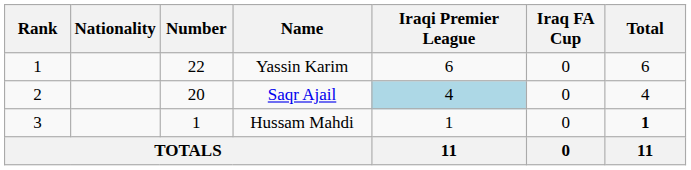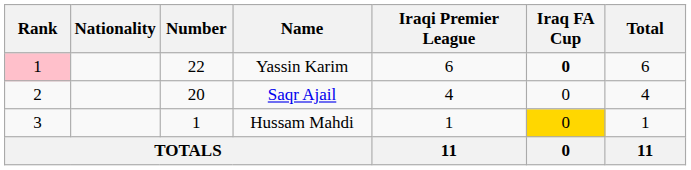 <table class="wikitable" style="font-size: 95%; text-align: center;">
 <tr>
 <th width=60>Rank</th>
 <th width=60>Nationality</th>
 <th width=60>Number</th>
 <th width=150>Name</th>
 <th width=170>Iraqi Premier League</th>
 <th width=80>Iraq FA Cup</th>
 <th width=80><strong>Total</strong></th>
 </tr>
 <tr>
-<td>1</td>
+<td style="background: pink;">1</td>
 <td></td>
 <td>22</td>
 <td>Yassin Karim</td>
 <td>6</td>
-<td>0</td>
+<td><strong>0</strong></td>
 <td>6</td>
 </tr>
 <tr>
 <td>2</td>
 <td></td>
 <td>20</td>
 <td><a href='#'>Saqr Ajail</a></td>
-<td style="background: lightblue;">4</td>
+<td>4</td>
 <td>0</td>
 <td>4</td>
 </tr>
 <tr>
 <td>3</td>
 <td></td>
 <td>1</td>
 <td>Hussam Mahdi</td>
 <td>1</td>
-<td>0</td>
-<td><strong>1</strong></td>
+<td style="background: gold;">0</td>
+<td>1</td>
 </tr>
 <tr>
 <th colspan=4><strong>TOTALS</strong></th>
 <th><strong>11</strong></th>
 <th><strong>0</strong></th>
 <th><strong>11</strong></th>
 </tr>
 </table>
